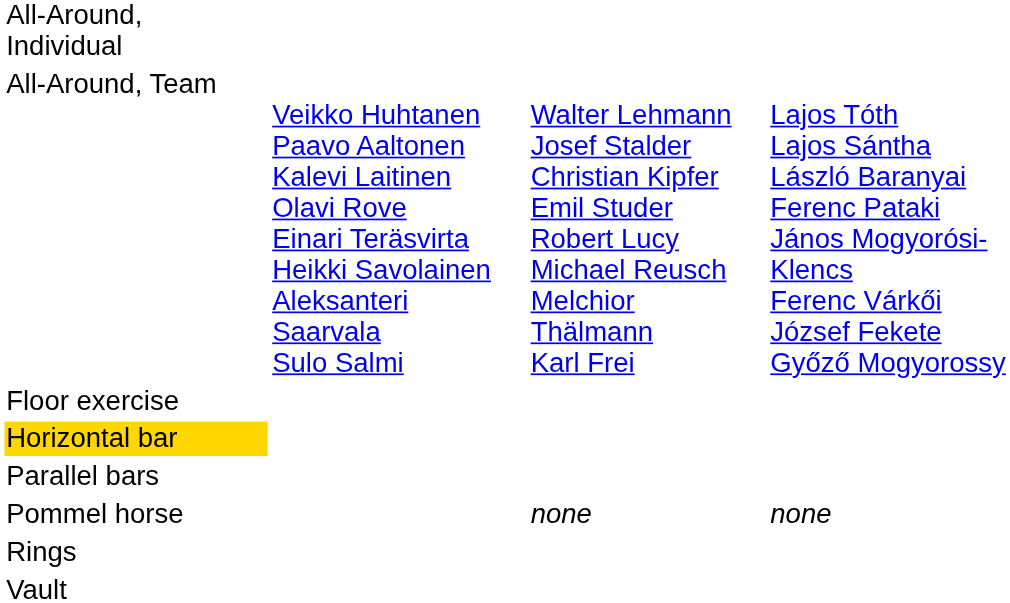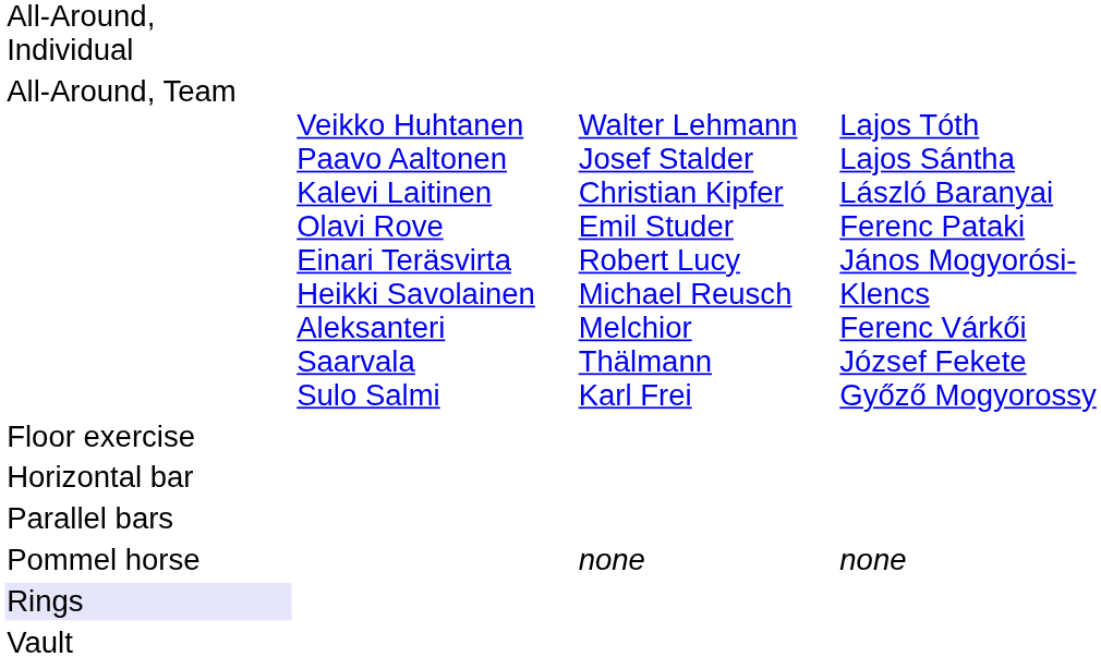 <table>
 <tr>
 <td>All-Around, Individual<br></td>
 <td></td>
 <td></td>
 <td></td>
 </tr>
 <tr valign="top">
 <td>All-Around, Team<br></td>
 <td><br><a href='#'>Veikko Huhtanen</a><br><a href='#'>Paavo Aaltonen</a><br><a href='#'>Kalevi Laitinen</a><br><a href='#'>Olavi Rove</a><br><a href='#'>Einari Teräsvirta</a> <br><a href='#'>Heikki Savolainen</a><br><a href='#'>Aleksanteri Saarvala</a><br><a href='#'>Sulo Salmi</a></td>
 <td><br><a href='#'>Walter Lehmann</a><br><a href='#'>Josef Stalder</a><br><a href='#'>Christian Kipfer</a><br><a href='#'>Emil Studer</a><br><a href='#'>Robert Lucy</a> <br><a href='#'>Michael Reusch</a><br><a href='#'>Melchior Thälmann</a><br><a href='#'>Karl Frei</a></td>
 <td><br><a href='#'>Lajos Tóth</a><br><a href='#'>Lajos Sántha</a><br><a href='#'>László Baranyai</a><br><a href='#'>Ferenc Pataki</a><br><a href='#'>János Mogyorósi-Klencs</a> <br><a href='#'>Ferenc Várkői</a><br><a href='#'>József Fekete</a><br><a href='#'>Győző Mogyorossy</a></td>
 </tr>
 <tr>
 <td>Floor exercise<br></td>
 <td></td>
 <td></td>
 <td></td>
 </tr>
 <tr>
-<td style="background: gold;">Horizontal bar<br></td>
+<td>Horizontal bar<br></td>
 <td></td>
 <td></td>
 <td></td>
 </tr>
 <tr valign="top">
 <td rowspan=2>Parallel bars<br></td>
 <td rowspan=2></td>
 <td rowspan=2></td>
 <td></td>
 </tr>
 <tr>
 <td></td>
 </tr>
 <tr valign="top">
 <td rowspan=3>Pommel horse<br></td>
 <td></td>
 <td rowspan=3><em>none</em></td>
 <td rowspan=3><em>none</em></td>
 </tr>
 <tr>
 <td></td>
 </tr>
 <tr>
 <td></td>
 </tr>
 <tr valign="top">
-<td>Rings<br></td>
+<td style="background: lavender;">Rings<br></td>
 <td></td>
 <td></td>
 <td></td>
 </tr>
 <tr valign="top">
 <td rowspan=3>Vault<br></td>
 <td rowspan=3></td>
 <td rowspan=3></td>
 <td></td>
 </tr>
 <tr>
 <td></td>
 </tr>
 <tr>
 <td></td>
 </tr>
 </table>
